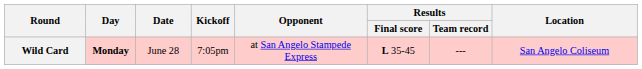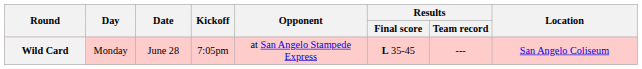 <table class="wikitable">
 <tr>
 <th rowspan="2" width="120">Round</th>
 <th rowspan="2" width="70">Day</th>
 <th rowspan="2" width="80">Date</th>
 <th rowspan="2" width="60">Kickoff</th>
 <th rowspan="2" width="200">Opponent</th>
 <th colspan="2" width="180">Results</th>
 <th rowspan="2" width="220">Location</th>
 </tr>
 <tr>
 <th width="90">Final score</th>
 <th width="90">Team record</th>
 </tr>
 <tr align="center" bgcolor="#FFCCCC">
 <th>Wild Card</th>
-<td align="center"><strong>Monday</strong></td>
+<td align="center">Monday</td>
 <td align="center">June 28</td>
 <td align="center">7:05pm</td>
 <td align="center">at <a href='#'>San Angelo Stampede Express</a></td>
 <td align="center"><strong>L</strong> 35-45</td>
 <td align="center">---</td>
 <td align="center"><a href='#'>San Angelo Coliseum</a></td>
 </tr>
 </table>
